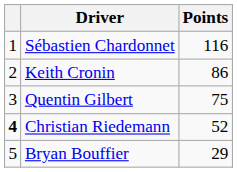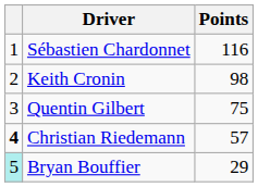 <table class="wikitable">
 <tr>
 <th></th>
 <th>Driver</th>
 <th>Points</th>
 </tr>
 <tr>
 <td>1</td>
 <td> <a href='#'>Sébastien Chardonnet</a></td>
 <td align="right">116</td>
 </tr>
 <tr>
 <td>2</td>
 <td> <a href='#'>Keith Cronin</a></td>
-<td align="right">86</td>
+<td align="right">98</td>
 </tr>
 <tr>
 <td>3</td>
 <td> <a href='#'>Quentin Gilbert</a></td>
 <td align="right">75</td>
 </tr>
 <tr>
 <td><strong>4</strong></td>
 <td> <a href='#'>Christian Riedemann</a></td>
-<td align="right">52</td>
+<td align="right">57</td>
 </tr>
 <tr>
-<td>5</td>
+<td style="background: paleturquoise;">5</td>
 <td> <a href='#'>Bryan Bouffier</a></td>
 <td align="right">29</td>
 </tr>
 </table>
